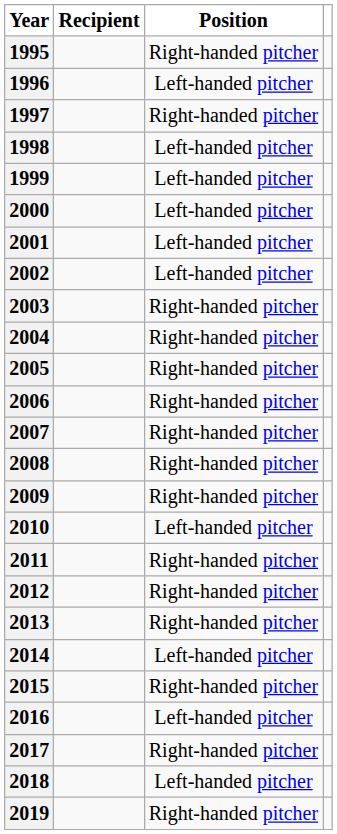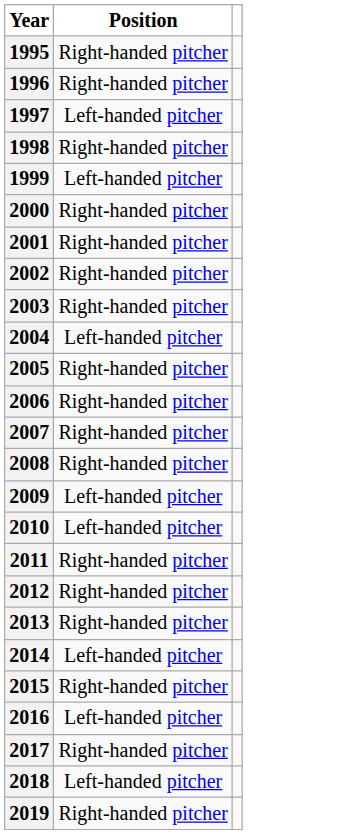 <table class="wikitable sortable plainrowheaders" style="text-align:center">
 <tr>
 <th scope="col" style="background-color:#ffffff; border-top:#">Year</th>
-<th scope="col" style="background-color:#ffffff; border-top:#">Recipient</th>
 <th scope="col" style="background-color:#ffffff; border-top:#">Position</th>
 <th scope="col" class="unsortable" style="background-color:#ffffff; border-top:#"></th>
 </tr>
 <tr>
 <th scope="row" style="text-align:center">1995</th>
-<td></td>
 <td>Right-handed <a href='#'>pitcher</a></td>
 <td></td>
 </tr>
 <tr>
 <th scope="row" style="text-align:center">1996</th>
+<td>Right-handed <a href='#'>pitcher</a></td>
 <td></td>
+</tr>
+<tr>
+<th scope="row" style="text-align:center">1997</th>
 <td>Left-handed <a href='#'>pitcher</a></td>
 <td></td>
 </tr>
 <tr>
-<th scope="row" style="text-align:center">1997</th>
-<td></td>
+<th scope="row" style="text-align:center">1998</th>
 <td>Right-handed <a href='#'>pitcher</a></td>
 <td></td>
 </tr>
 <tr>
-<th scope="row" style="text-align:center">1998</th>
-<td></td>
-<td>Left-handed <a href='#'>pitcher</a></td>
-<td></td>
-</tr>
-<tr>
 <th scope="row" style="text-align:center">1999</th>
-<td></td>
 <td>Left-handed <a href='#'>pitcher</a></td>
 <td></td>
 </tr>
 <tr>
 <th scope="row" style="text-align:center">2000</th>
-<td></td>
-<td>Left-handed <a href='#'>pitcher</a></td>
+<td>Right-handed <a href='#'>pitcher</a></td>
 <td></td>
 </tr>
 <tr>
 <th scope="row" style="text-align:center">2001</th>
-<td></td>
-<td>Left-handed <a href='#'>pitcher</a></td>
+<td>Right-handed <a href='#'>pitcher</a></td>
 <td></td>
 </tr>
 <tr>
 <th scope="row" style="text-align:center">2002</th>
-<td></td>
-<td>Left-handed <a href='#'>pitcher</a></td>
+<td>Right-handed <a href='#'>pitcher</a></td>
 <td></td>
 </tr>
 <tr>
 <th scope="row" style="text-align:center">2003</th>
-<td></td>
 <td>Right-handed <a href='#'>pitcher</a></td>
 <td></td>
 </tr>
 <tr>
 <th scope="row" style="text-align:center">2004</th>
-<td></td>
-<td>Right-handed <a href='#'>pitcher</a></td>
+<td>Left-handed <a href='#'>pitcher</a></td>
 <td></td>
 </tr>
 <tr>
 <th scope="row" style="text-align:center">2005</th>
-<td></td>
 <td>Right-handed <a href='#'>pitcher</a></td>
 <td></td>
 </tr>
 <tr>
 <th scope="row" style="text-align:center">2006</th>
-<td></td>
 <td>Right-handed <a href='#'>pitcher</a></td>
 <td></td>
 </tr>
 <tr>
 <th scope="row" style="text-align:center">2007</th>
-<td></td>
 <td>Right-handed <a href='#'>pitcher</a></td>
 <td></td>
 </tr>
 <tr>
 <th scope="row" style="text-align:center">2008</th>
-<td></td>
 <td>Right-handed <a href='#'>pitcher</a></td>
 <td></td>
 </tr>
 <tr>
 <th scope="row" style="text-align:center">2009</th>
-<td></td>
-<td>Right-handed <a href='#'>pitcher</a></td>
+<td>Left-handed <a href='#'>pitcher</a></td>
 <td></td>
 </tr>
 <tr>
 <th scope="row" style="text-align:center">2010</th>
-<td></td>
 <td>Left-handed <a href='#'>pitcher</a></td>
 <td></td>
 </tr>
 <tr>
 <th scope="row" style="text-align:center">2011</th>
-<td></td>
 <td>Right-handed <a href='#'>pitcher</a></td>
 <td></td>
 </tr>
 <tr>
 <th scope="row" style="text-align:center">2012</th>
-<td></td>
 <td>Right-handed <a href='#'>pitcher</a></td>
 <td></td>
 </tr>
 <tr>
 <th scope="row" style="text-align:center">2013</th>
-<td></td>
 <td>Right-handed <a href='#'>pitcher</a></td>
 <td></td>
 </tr>
 <tr>
 <th scope="row" style="text-align:center">2014</th>
-<td></td>
 <td>Left-handed <a href='#'>pitcher</a></td>
 <td></td>
 </tr>
 <tr>
 <th scope="row" style="text-align:center">2015</th>
-<td></td>
 <td>Right-handed <a href='#'>pitcher</a></td>
 <td></td>
 </tr>
 <tr>
 <th scope="row" style="text-align:center">2016</th>
-<td></td>
 <td>Left-handed <a href='#'>pitcher</a></td>
 <td></td>
 </tr>
 <tr>
 <th scope="row" style="text-align:center">2017</th>
-<td></td>
 <td>Right-handed <a href='#'>pitcher</a></td>
 <td></td>
 </tr>
 <tr>
 <th scope="row" style="text-align:center">2018</th>
-<td></td>
 <td>Left-handed <a href='#'>pitcher</a></td>
 <td></td>
 </tr>
 <tr>
 <th scope="row" style="text-align:center">2019</th>
-<td></td>
 <td>Right-handed <a href='#'>pitcher</a></td>
 <td></td>
 </tr>
 </table>
